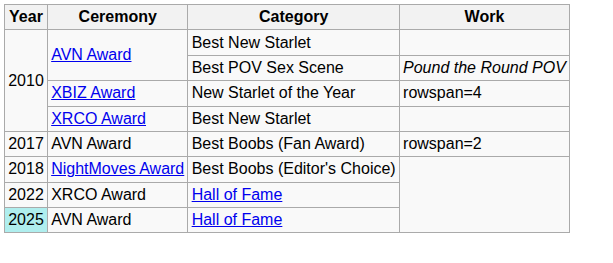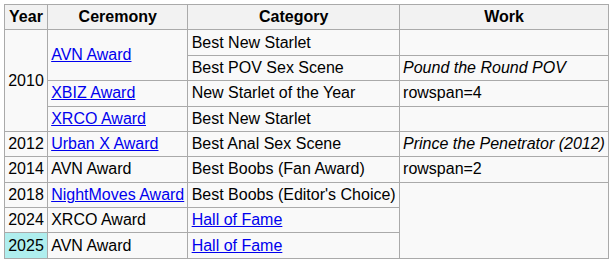 <table class="wikitable sortable">
 <tr>
 <th>Year</th>
 <th>Ceremony</th>
 <th>Category</th>
 <th>Work</th>
 </tr>
 <tr>
 <td rowspan=4>2010</td>
 <td rowspan=2><a href='#'>AVN Award</a></td>
 <td>Best New Starlet</td>
 <td></td>
 </tr>
 <tr>
 <td>Best POV Sex Scene</td>
 <td><em>Pound the Round POV</em></td>
 </tr>
 <tr>
 <td><a href='#'>XBIZ Award</a></td>
 <td>New Starlet of the Year</td>
 <td>rowspan=4 </td>
 </tr>
 <tr>
 <td><a href='#'>XRCO Award</a></td>
 <td>Best New Starlet</td>
 </tr>
 <tr>
-<td>2017</td>
+<td>2012</td>
+<td><a href='#'>Urban X Award</a></td>
+<td>Best Anal Sex Scene </td>
+<td><em>Prince the Penetrator (2012)</em></td>
+</tr>
+<tr>
+<td>2014</td>
 <td>AVN Award</td>
 <td>Best Boobs (Fan Award)</td>
 <td>rowspan=2 </td>
 </tr>
 <tr>
 <td>2018</td>
 <td><a href='#'>NightMoves Award</a></td>
 <td>Best Boobs (Editor's Choice)</td>
 </tr>
 <tr>
-<td>2022</td>
+<td>2024</td>
 <td>XRCO Award</td>
 <td><a href='#'>Hall of Fame</a></td>
 </tr>
 <tr>
 <td style="background: paleturquoise;">2025</td>
 <td>AVN Award</td>
 <td><a href='#'>Hall of Fame</a></td>
 </tr>
 </table>
